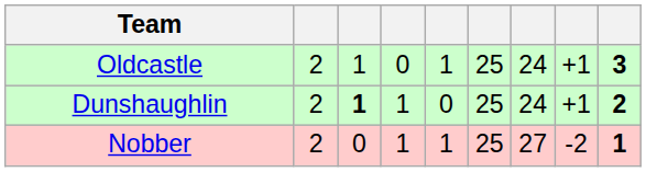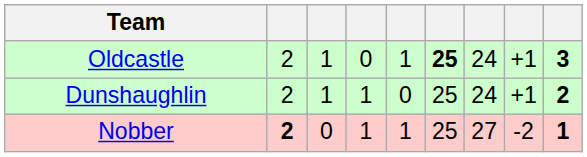 <table class="wikitable" style="text-align:center">
 <tr>
 <th style="width:175px;">Team</th>
 <th width="20"></th>
 <th width="20"></th>
 <th width="20"></th>
 <th width="20"></th>
 <th width="20"></th>
 <th width="20"></th>
 <th width="20"></th>
 <th width="20"></th>
 </tr>
 <tr style="background:#cfc;">
 <td><a href='#'>Oldcastle</a></td>
 <td>2</td>
 <td>1</td>
 <td>0</td>
 <td>1</td>
-<td>25</td>
+<td><strong>25</strong></td>
 <td>24</td>
 <td>+1</td>
 <td><strong>3</strong></td>
 </tr>
 <tr style="background:#cfc;">
 <td><a href='#'>Dunshaughlin</a></td>
 <td>2</td>
-<td><strong>1</strong></td>
+<td>1</td>
 <td>1</td>
 <td>0</td>
 <td>25</td>
 <td>24</td>
 <td>+1</td>
 <td><strong>2</strong></td>
 </tr>
 <tr style="background:#fcc;">
 <td><a href='#'>Nobber</a></td>
-<td>2</td>
+<td><strong>2</strong></td>
 <td>0</td>
 <td>1</td>
 <td>1</td>
 <td>25</td>
 <td>27</td>
 <td>-2</td>
 <td><strong>1</strong></td>
 </tr>
 </table>
